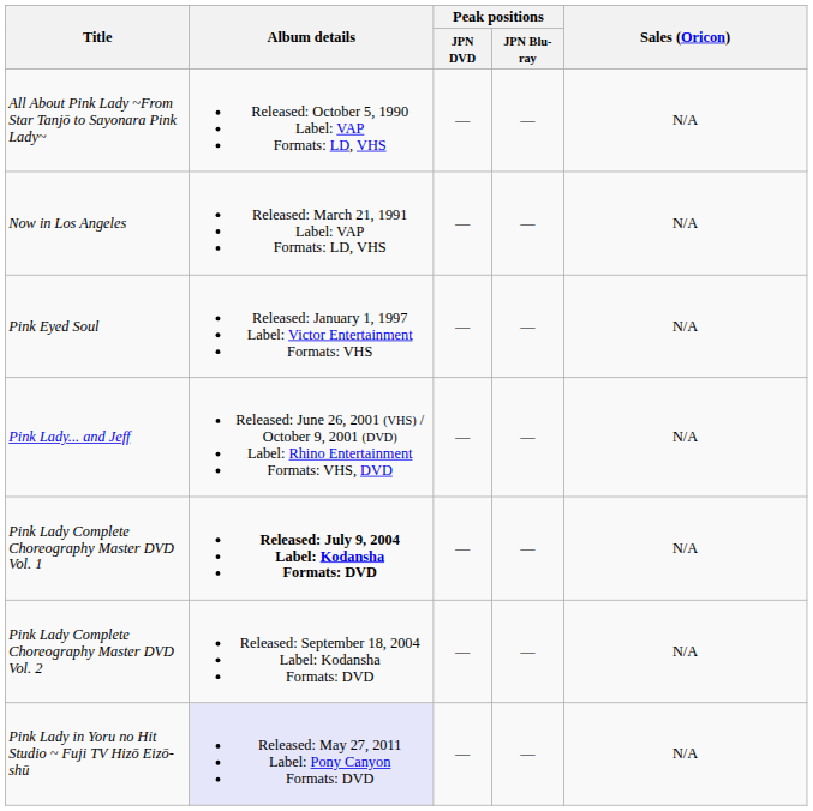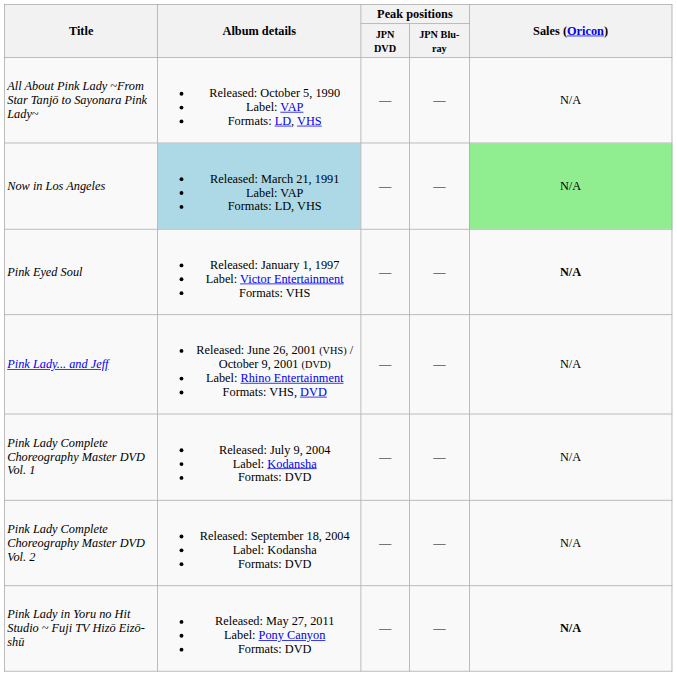 <table class="wikitable plainrowheaders" style="text-align:center;">
 <tr>
 <th style="width:12em;" rowspan="2">Title</th>
 <th style="width:16em;" rowspan="2">Album details</th>
 <th colspan="2">Peak positions</th>
 <th style="width:16em;" rowspan="2">Sales (<a href='#'>Oricon</a>)</th>
 </tr>
 <tr>
 <th><small>JPN DVD</small><br></th>
 <th><small>JPN Blu-ray</small><br></th>
 </tr>
 <tr>
 <td align="left"><em>All About Pink Lady ~From Star Tanjō to Sayonara Pink Lady~</em></td>
 <td><br><ul><li>Released: October 5, 1990</li><li>Label: <a href='#'>VAP</a></li><li>Formats: <a href='#'>LD</a>, <a href='#'>VHS</a></li></ul></td>
 <td>—</td>
 <td>—</td>
 <td>N/A</td>
 </tr>
 <tr>
 <td align="left"><em>Now in Los Angeles</em></td>
-<td><br><ul><li>Released: March 21, 1991</li><li>Label: VAP</li><li>Formats: LD, VHS</li></ul></td>
+<td style="background: lightblue;"><br><ul><li>Released: March 21, 1991</li><li>Label: VAP</li><li>Formats: LD, VHS</li></ul></td>
 <td>—</td>
 <td>—</td>
-<td>N/A</td>
+<td style="background: lightgreen;">N/A</td>
 </tr>
 <tr>
 <td align="left"><em>Pink Eyed Soul</em></td>
 <td><br><ul><li>Released: January 1, 1997</li><li>Label: <a href='#'>Victor Entertainment</a></li><li>Formats: VHS</li></ul></td>
 <td>—</td>
 <td>—</td>
-<td>N/A</td>
+<td><strong>N/A</strong></td>
 </tr>
 <tr>
 <td align="left"><em><a href='#'>Pink Lady... and Jeff</a></em></td>
 <td><br><ul><li>Released: June 26, 2001 <small>(VHS)</small> / October 9, 2001 <small>(DVD)</small></li><li>Label: <a href='#'>Rhino Entertainment</a></li><li>Formats: VHS, <a href='#'>DVD</a></li></ul></td>
 <td>—</td>
 <td>—</td>
 <td>N/A</td>
 </tr>
 <tr>
 <td align="left"><em>Pink Lady Complete Choreography Master DVD Vol. 1</em></td>
-<td><strong><br><ul><li>Released: July 9, 2004</li><li>Label: <a href='#'>Kodansha</a></li><li>Formats: DVD</li></ul></strong></td>
+<td><br><ul><li>Released: July 9, 2004</li><li>Label: <a href='#'>Kodansha</a></li><li>Formats: DVD</li></ul></td>
 <td>—</td>
 <td>—</td>
 <td>N/A</td>
 </tr>
 <tr>
 <td align="left"><em>Pink Lady Complete Choreography Master DVD Vol. 2</em></td>
 <td><br><ul><li>Released: September 18, 2004</li><li>Label: Kodansha</li><li>Formats: DVD</li></ul></td>
 <td>—</td>
 <td>—</td>
 <td>N/A</td>
 </tr>
 <tr>
 <td align="left"><em>Pink Lady in Yoru no Hit Studio ~ Fuji TV Hizō Eizō-shū</em></td>
-<td style="background: lavender;"><br><ul><li>Released: May 27, 2011</li><li>Label: <a href='#'>Pony Canyon</a></li><li>Formats: DVD</li></ul></td>
+<td><br><ul><li>Released: May 27, 2011</li><li>Label: <a href='#'>Pony Canyon</a></li><li>Formats: DVD</li></ul></td>
 <td>—</td>
 <td>—</td>
-<td>N/A</td>
+<td><strong>N/A</strong></td>
 </tr>
 </table>
